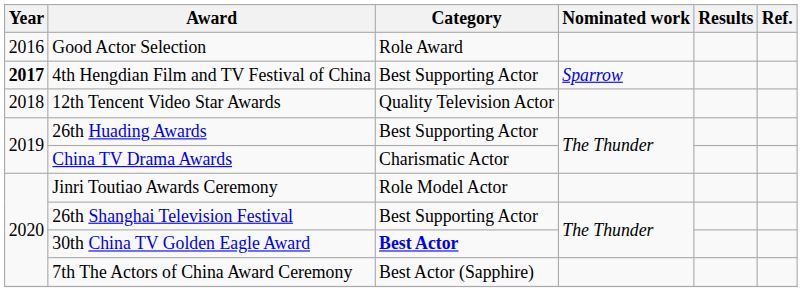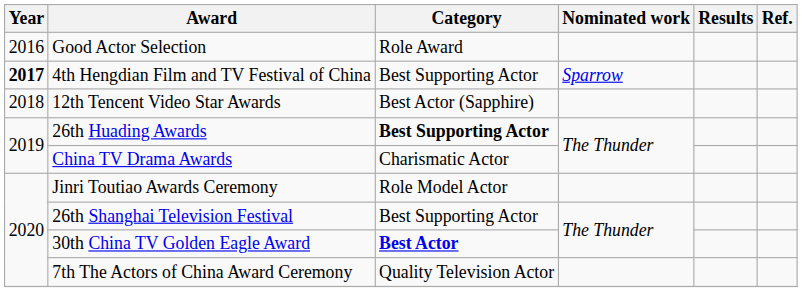 <table class="wikitable">
 <tr>
 <th>Year</th>
 <th>Award</th>
 <th>Category</th>
 <th>Nominated work</th>
 <th>Results</th>
 <th>Ref.</th>
 </tr>
 <tr>
 <td>2016</td>
 <td>Good Actor Selection</td>
 <td>Role Award</td>
 <td></td>
 <td></td>
 <td></td>
 </tr>
 <tr>
 <td><strong>2017</strong></td>
 <td>4th Hengdian Film and TV Festival of China</td>
 <td>Best Supporting Actor</td>
 <td><em><a href='#'>Sparrow</a></em></td>
 <td></td>
 <td></td>
 </tr>
 <tr>
 <td>2018</td>
 <td>12th Tencent Video Star Awards</td>
-<td>Quality Television Actor</td>
+<td>Best Actor (Sapphire)</td>
 <td></td>
 <td></td>
 <td></td>
 </tr>
 <tr>
 <td rowspan=2>2019</td>
 <td>26th <a href='#'>Huading Awards</a></td>
-<td>Best Supporting Actor</td>
+<td><strong>Best Supporting Actor</strong></td>
 <td rowspan=2><em>The Thunder</em></td>
 <td></td>
 <td></td>
 </tr>
 <tr>
 <td><a href='#'>China TV Drama Awards</a></td>
 <td>Charismatic Actor</td>
 <td></td>
 <td></td>
 </tr>
 <tr>
 <td rowspan=4>2020</td>
 <td>Jinri Toutiao Awards Ceremony</td>
 <td>Role Model Actor</td>
 <td></td>
 <td></td>
 <td></td>
 </tr>
 <tr>
 <td>26th <a href='#'>Shanghai Television Festival</a></td>
 <td>Best Supporting Actor</td>
 <td rowspan=2><em>The Thunder</em></td>
 <td></td>
 <td></td>
 </tr>
 <tr>
 <td>30th <a href='#'>China TV Golden Eagle Award</a></td>
 <td><strong><a href='#'>Best Actor</a></strong></td>
 <td></td>
 <td></td>
 </tr>
 <tr>
 <td>7th The Actors of China Award Ceremony</td>
-<td>Best Actor (Sapphire)</td>
+<td>Quality Television Actor</td>
 <td></td>
 <td></td>
 <td></td>
 </tr>
 <tr>
 </tr>
 </table>
